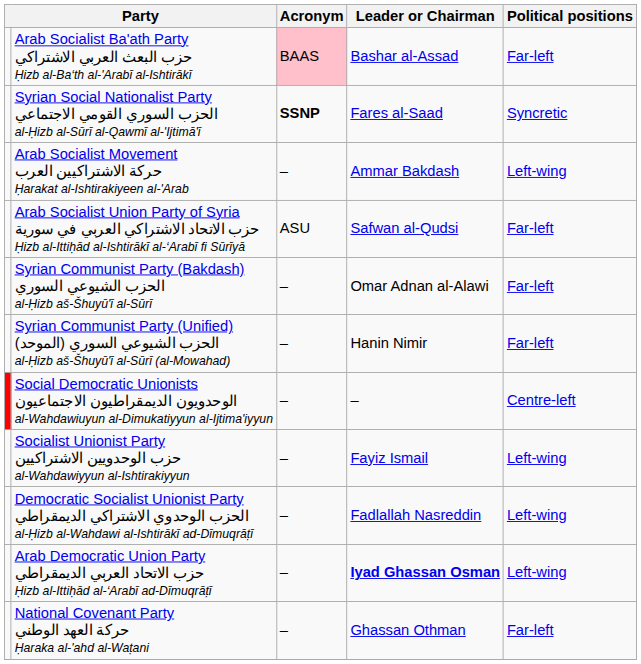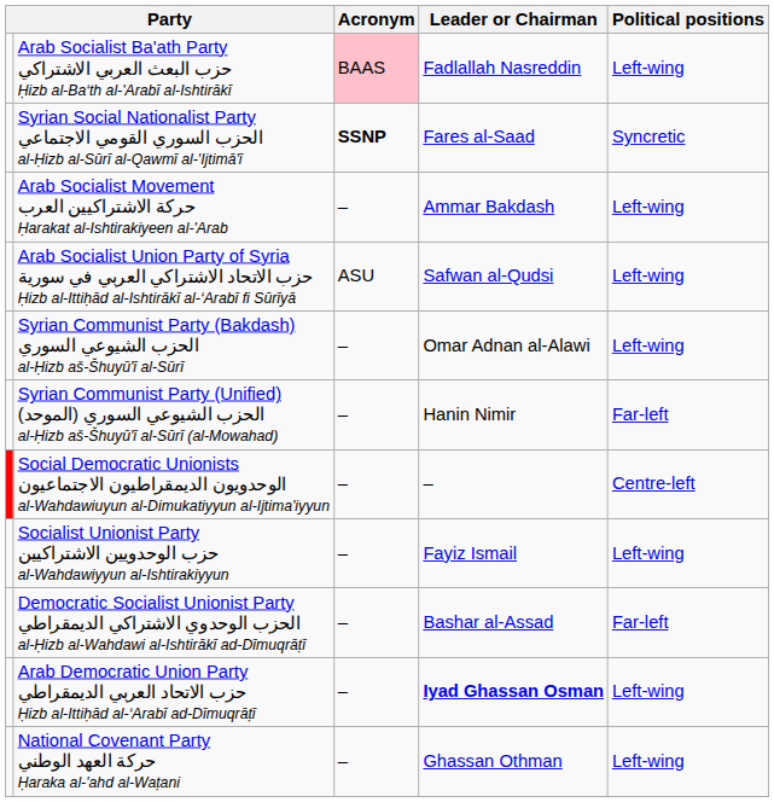 <table class="wikitable">
 <tr>
 <th colspan=2>Party</th>
 <th>Acronym</th>
 <th>Leader or Chairman</th>
 <th>Political positions</th>
 </tr>
 <tr>
 <td bgcolor=></td>
 <td><a href='#'>Arab Socialist Ba'ath Party</a><br><span>حزب البعث العربي الاشتراكي</span><br><small><em>Ḥizb al-Ba‘th al-'Arabī al-Ishtirākī</em></small></td>
 <td style="background: pink;">BAAS</td>
-<td><a href='#'>Bashar al-Assad</a></td>
-<td><a href='#'>Far-left</a></td>
+<td><a href='#'>Fadlallah Nasreddin</a></td>
+<td><a href='#'>Left-wing</a></td>
 </tr>
 <tr>
 <td bgcolor=></td>
 <td><a href='#'>Syrian Social Nationalist Party</a><br><span>الحزب السوري القومي الاجتماعي</span><br><small><em>al-Ḥizb al-Sūrī al-Qawmī al-'Ijtimā'ī</em></small></td>
 <td><strong>SSNP</strong></td>
 <td><a href='#'>Fares al-Saad</a></td>
 <td><a href='#'>Syncretic</a></td>
 </tr>
 <tr>
 <td bgcolor=></td>
 <td><a href='#'>Arab Socialist Movement</a><br><span>حركة الاشتراكيين العرب</span><br><small><em>Ḥarakat al-Ishtirakiyeen al-'Arab</em></small></td>
 <td>–</td>
 <td><a href='#'>Ammar Bakdash</a></td>
 <td><a href='#'>Left-wing</a></td>
 </tr>
 <tr>
 <td bgcolor=></td>
 <td><a href='#'>Arab Socialist Union Party of Syria</a><br><span>حزب الاتحاد الاشتراكي العربي في سورية</span><br><small><em>Ḥizb al-Ittiḥād al-Ishtirākī al-‘Arabī fi Sūrīyā</em></small></td>
 <td>ASU</td>
 <td><a href='#'>Safwan al-Qudsi</a></td>
-<td><a href='#'>Far-left</a></td>
+<td><a href='#'>Left-wing</a></td>
 </tr>
 <tr>
 <td bgcolor=></td>
 <td><a href='#'>Syrian Communist Party (Bakdash)</a><br><span>الحزب الشيوعي السوري</span><br><small><em>al-Ḥizb aš-Šhuyū'ī al-Sūrī</em></small></td>
 <td>–</td>
 <td>Omar Adnan al-Alawi</td>
-<td><a href='#'>Far-left</a></td>
+<td><a href='#'>Left-wing</a></td>
 </tr>
 <tr>
 <td bgcolor=></td>
 <td><a href='#'>Syrian Communist Party (Unified)</a><br><span>الحزب الشيوعي السوري (الموحد)</span><br><small><em>al-Ḥizb aš-Šhuyū'ī al-Sūrī (al-Mowahad)</em></small></td>
 <td>–</td>
 <td>Hanin Nimir</td>
 <td><a href='#'>Far-left</a></td>
 </tr>
 <tr>
 <td bgcolor=red></td>
 <td><a href='#'>Social Democratic Unionists</a><br><span>الوحدويون الديمقراطيون الاجتماعيون</span><br><small><em>al-Wahdawiuyun al-Dimukatiyyun al-Ijtima'iyyun</em></small></td>
 <td>–</td>
 <td>–</td>
 <td><a href='#'>Centre-left</a></td>
 </tr>
 <tr>
 <td bgcolor=></td>
 <td><a href='#'>Socialist Unionist Party</a><br><span>حزب الوحدويين الاشتراكيين</span><br><small><em>al-Wahdawiyyun al-Ishtirakiyyun</em></small></td>
 <td>–</td>
 <td><a href='#'>Fayiz Ismail</a></td>
 <td><a href='#'>Left-wing</a></td>
 </tr>
 <tr>
 <td bgcolor=></td>
 <td><a href='#'>Democratic Socialist Unionist Party</a><br><span>الحزب الوحدوي الاشتراكي الديمقراطي</span><br><small><em>al-Ḥizb al-Wahdawi al-Ishtirākī ad-Dīmuqrāṭī</em></small></td>
 <td>–</td>
-<td><a href='#'>Fadlallah Nasreddin</a></td>
-<td><a href='#'>Left-wing</a></td>
+<td><a href='#'>Bashar al-Assad</a></td>
+<td><a href='#'>Far-left</a></td>
 </tr>
 <tr>
 <td bgcolor=></td>
 <td><a href='#'>Arab Democratic Union Party</a><br><span>حزب الاتحاد العربي الديمقراطي</span><br><small><em>Ḥizb al-Ittiḥād al-‘Arabī ad-Dīmuqrāṭī</em></small></td>
 <td>–</td>
 <td><strong><a href='#'>Iyad Ghassan Osman</a></strong></td>
 <td><a href='#'>Left-wing</a></td>
 </tr>
 <tr>
 <td bgcolor=></td>
 <td><a href='#'>National Covenant Party</a><br><span>حركة العهد الوطني</span><br><small><em>Ḥaraka al-'ahd al-Waṭani</em></small></td>
 <td>–</td>
 <td><a href='#'>Ghassan Othman</a></td>
-<td><a href='#'>Far-left</a></td>
+<td><a href='#'>Left-wing</a></td>
 </tr>
 <tr>
 </tr>
 </table>
